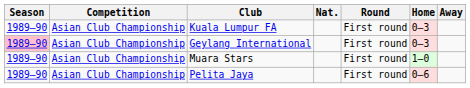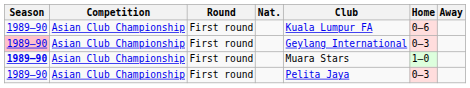 <table class="wikitable">
 <tr>
 <th>Season</th>
 <th>Competition</th>
+<th>Round</th>
+<th>Nat.</th>
 <th>Club</th>
-<th>Nat.</th>
-<th>Round</th>
 <th>Home</th>
 <th>Away</th>
 </tr>
 <tr>
 <td><a href='#'>1989–90</a></td>
 <td><a href='#'>Asian Club Championship</a></td>
+<td>First round</td>
+<td></td>
 <td><a href='#'>Kuala Lumpur FA</a></td>
-<td></td>
-<td>First round</td>
-<td style="background:#fdd;">0–3</td>
+<td style="background:#fdd;">0–6</td>
 <td></td>
 </tr>
 <tr>
 <td style="background: pink;"><a href='#'>1989–90</a></td>
 <td><a href='#'>Asian Club Championship</a></td>
+<td>First round</td>
+<td></td>
 <td><a href='#'>Geylang International</a></td>
-<td></td>
-<td>First round</td>
 <td style="background:#fdd;">0–3</td>
 <td></td>
 </tr>
 <tr>
-<td><a href='#'>1989–90</a></td>
+<td><strong><a href='#'>1989–90</a></strong></td>
 <td><a href='#'>Asian Club Championship</a></td>
+<td>First round</td>
+<td></td>
 <td>Muara Stars</td>
-<td></td>
-<td>First round</td>
 <td style="background:#dfd;">1–0</td>
 <td></td>
 </tr>
 <tr>
 <td><a href='#'>1989–90</a></td>
 <td><a href='#'>Asian Club Championship</a></td>
+<td>First round</td>
+<td></td>
 <td><a href='#'>Pelita Jaya</a></td>
-<td></td>
-<td>First round</td>
-<td style="background:#fdd;">0–6</td>
+<td style="background:#fdd;">0–3</td>
 <td></td>
 </tr>
 </table>
